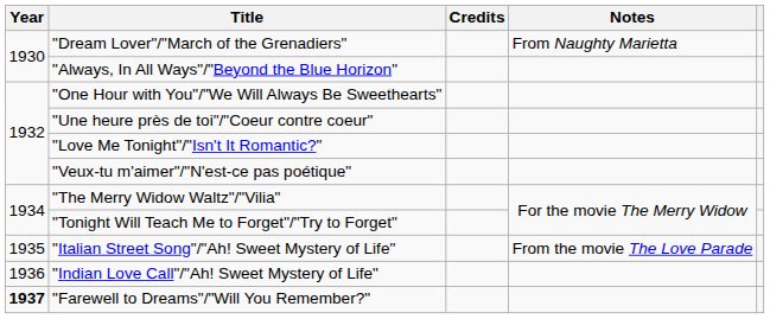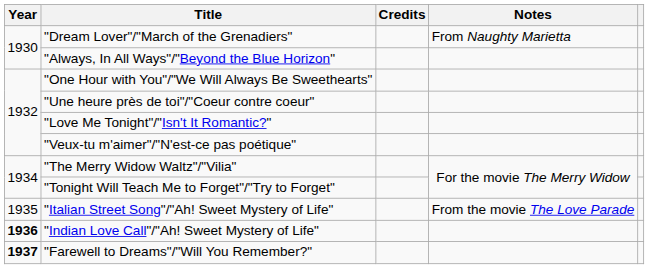 <table class="wikitable">
 <tr>
 <th>Year</th>
 <th>Title</th>
 <th>Credits</th>
 <th>Notes</th>
 <th></th>
 </tr>
 <tr>
 <td rowspan=2>1930</td>
 <td>"Dream Lover"/"March of the Grenadiers"</td>
 <td></td>
 <td>From <em>Naughty Marietta</em></td>
 <td></td>
 </tr>
 <tr>
 <td>"Always, In All Ways"/"<a href='#'>Beyond the Blue Horizon</a>"</td>
 <td></td>
 <td></td>
 <td></td>
 </tr>
 <tr>
 <td rowspan=4>1932</td>
 <td>"One Hour with You"/"We Will Always Be Sweethearts"</td>
 <td></td>
 <td></td>
 <td></td>
 </tr>
 <tr>
 <td>"Une heure près de toi"/"Coeur contre coeur"</td>
 <td></td>
 <td></td>
 <td></td>
 </tr>
 <tr>
 <td>"Love Me Tonight"/"<a href='#'>Isn't It Romantic?</a>"</td>
 <td></td>
 <td></td>
 <td></td>
 </tr>
 <tr>
 <td>"Veux-tu m'aimer"/"N'est-ce pas poétique"</td>
 <td></td>
 <td></td>
 <td></td>
 </tr>
 <tr>
 <td rowspan=2>1934</td>
 <td>"The Merry Widow Waltz"/"Vilia"</td>
 <td></td>
 <td rowspan=2; align=center>For the movie <em>The Merry Widow</em></td>
 <td></td>
 </tr>
 <tr>
 <td>"Tonight Will Teach Me to Forget"/"Try to Forget"</td>
 <td></td>
 <td></td>
 </tr>
 <tr>
 <td>1935</td>
 <td>"<a href='#'>Italian Street Song</a>"/"Ah! Sweet Mystery of Life"</td>
 <td></td>
 <td>From the movie <em><a href='#'>The Love Parade</a></em></td>
 <td></td>
 </tr>
 <tr>
-<td>1936</td>
+<td><strong>1936</strong></td>
 <td>"<a href='#'>Indian Love Call</a>"/"Ah! Sweet Mystery of Life"</td>
 <td></td>
 <td></td>
 <td></td>
 </tr>
 <tr>
 <td><strong>1937</strong></td>
 <td>"Farewell to Dreams"/"Will You Remember?"</td>
 <td></td>
 <td></td>
 <td></td>
 </tr>
 </table>
